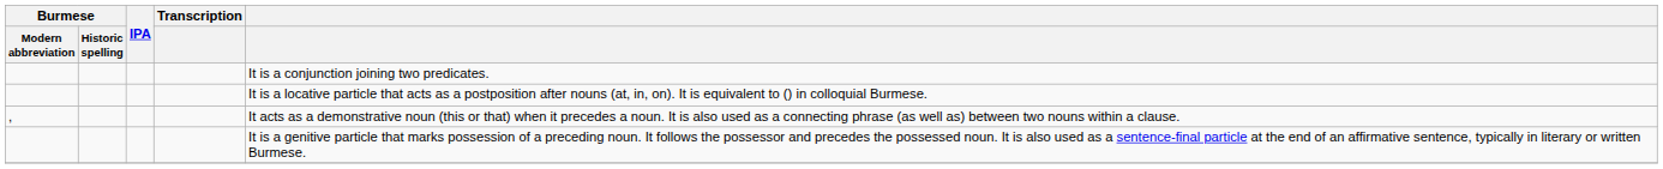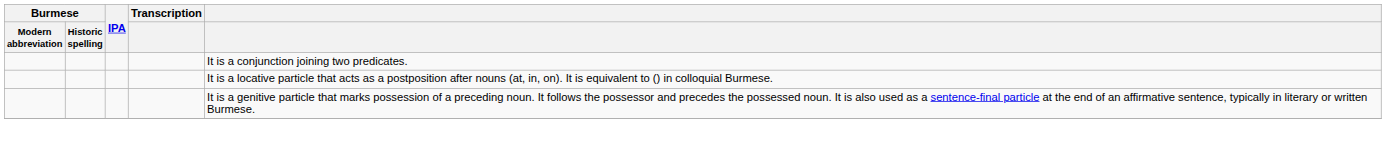 <table class="wikitable">
 <tr>
 <th colspan="2">Burmese</th>
 <th rowspan="2"><a href='#'>IPA</a></th>
 <th>Transcription</th>
 <th></th>
 </tr>
 <tr>
 <th><small>Modern<br>abbreviation</small></th>
 <th><small>Historic<br>spelling</small></th>
 <th></th>
 <th></th>
 </tr>
 <tr>
 <td></td>
 <td></td>
 <td></td>
 <td></td>
 <td>It is a conjunction joining two predicates.</td>
 </tr>
 <tr>
 <td></td>
 <td></td>
 <td></td>
 <td></td>
 <td>It is a locative particle that acts as a postposition after nouns (at, in, on). It is equivalent to  () in colloquial Burmese.</td>
 </tr>
 <tr>
-<td>‌, </td>
-<td></td>
-<td></td>
-<td></td>
-<td>It acts as a demonstrative noun (this or that) when it precedes a noun. It is also used as a connecting phrase (as well as) between two nouns within a clause.</td>
-</tr>
-<tr>
 <td></td>
 <td>‌</td>
 <td></td>
 <td></td>
 <td>It is a genitive particle that marks possession of a preceding noun. It follows the possessor and precedes the possessed noun. It is also used as a <a href='#'>sentence-final particle</a> at the end of an affirmative sentence, typically in literary or written Burmese.</td>
 </tr>
 <tr>
 </tr>
 </table>
